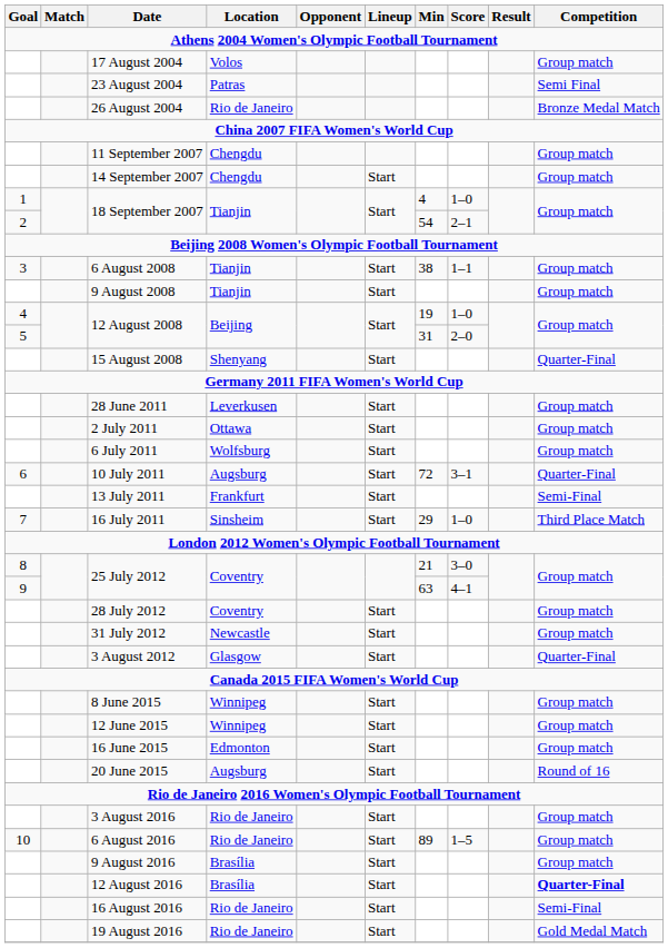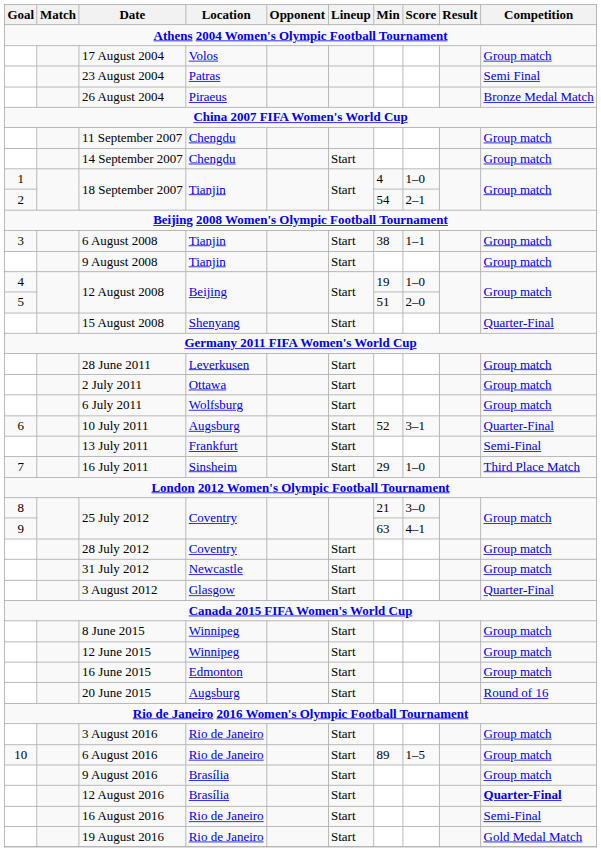 <table class="wikitable collapsible" style="fontsize:90%;">
 <tr>
 <th>Goal</th>
 <th>Match</th>
 <th>Date</th>
 <th>Location</th>
 <th>Opponent</th>
 <th>Lineup</th>
 <th>Min</th>
 <th>Score</th>
 <th>Result</th>
 <th>Competition</th>
 </tr>
 <tr>
 <td colspan=10 align=center > <strong><a href='#'>Athens</a> <a href='#'>2004 Women's Olympic Football Tournament</a></strong></td>
 </tr>
 <tr>
 <td style="background:white;"></td>
 <td></td>
 <td>17 August 2004</td>
 <td><a href='#'>Volos</a></td>
 <td></td>
 <td></td>
 <td style="background:white;"></td>
 <td style="background:white;"></td>
 <td></td>
 <td><a href='#'>Group match</a></td>
 </tr>
 <tr>
 <td style="background:white;"></td>
 <td></td>
 <td>23 August 2004</td>
 <td><a href='#'>Patras</a></td>
 <td></td>
 <td></td>
 <td style="background:white;"></td>
 <td style="background:white;"></td>
 <td></td>
 <td><a href='#'>Semi Final</a></td>
 </tr>
 <tr>
 <td style="background:white;"></td>
 <td></td>
 <td>26 August 2004</td>
-<td><a href='#'>Rio de Janeiro</a></td>
+<td><a href='#'>Piraeus</a></td>
 <td></td>
 <td></td>
 <td style="background:white;"></td>
 <td style="background:white;"></td>
 <td></td>
 <td><a href='#'>Bronze Medal Match</a></td>
 </tr>
 <tr>
 <td colspan=10 align=center > <strong><a href='#'>China 2007 FIFA Women's World Cup</a></strong></td>
 </tr>
 <tr>
 <td style="background:white;"></td>
 <td></td>
 <td>11 September 2007</td>
 <td><a href='#'>Chengdu</a></td>
 <td></td>
 <td></td>
 <td style="background:white;"></td>
 <td style="background:white;"></td>
 <td></td>
 <td><a href='#'>Group match</a></td>
 </tr>
 <tr>
 <td style="background:white;"></td>
 <td></td>
 <td>14 September 2007</td>
 <td><a href='#'>Chengdu</a></td>
 <td></td>
 <td>Start</td>
 <td style="background:white;"></td>
 <td style="background:white;"></td>
 <td></td>
 <td><a href='#'>Group match</a></td>
 </tr>
 <tr>
 <td align=center>1</td>
 <td align=center rowspan=2></td>
 <td rowspan=2>18 September 2007</td>
 <td rowspan=2><a href='#'>Tianjin</a></td>
 <td rowspan=2></td>
 <td rowspan=2>Start</td>
 <td>4</td>
 <td>1–0</td>
 <td rowspan=2></td>
 <td rowspan=2 ><a href='#'>Group match</a></td>
 </tr>
 <tr>
 <td align=center>2</td>
 <td>54</td>
 <td>2–1</td>
 </tr>
 <tr>
 <td colspan=10 align=center > <strong><a href='#'>Beijing</a> <a href='#'>2008 Women's Olympic Football Tournament</a></strong></td>
 </tr>
 <tr>
 <td align=center>3</td>
 <td></td>
 <td>6 August 2008</td>
 <td><a href='#'>Tianjin</a></td>
 <td></td>
 <td>Start</td>
 <td>38</td>
 <td>1–1</td>
 <td></td>
 <td><a href='#'>Group match</a></td>
 </tr>
 <tr>
 <td style="background:white;"></td>
 <td></td>
 <td>9 August 2008</td>
 <td><a href='#'>Tianjin</a></td>
 <td></td>
 <td>Start</td>
 <td style="background:white;"></td>
 <td style="background:white;"></td>
 <td></td>
 <td><a href='#'>Group match</a></td>
 </tr>
 <tr>
 <td align=center>4</td>
 <td align=center rowspan=2></td>
 <td rowspan=2>12 August 2008</td>
 <td rowspan=2><a href='#'>Beijing</a></td>
 <td rowspan=2></td>
 <td rowspan=2>Start</td>
 <td>19</td>
 <td>1–0</td>
 <td rowspan=2></td>
 <td rowspan=2 ><a href='#'>Group match</a></td>
 </tr>
 <tr>
 <td align=center>5</td>
-<td>31</td>
+<td>51</td>
 <td>2–0</td>
 </tr>
 <tr>
 <td style="background:white;"></td>
 <td></td>
 <td>15 August 2008</td>
 <td><a href='#'>Shenyang</a></td>
 <td></td>
 <td>Start</td>
 <td style="background:white;"></td>
 <td style="background:white;"></td>
 <td></td>
 <td><a href='#'>Quarter-Final</a></td>
 </tr>
 <tr>
 <td colspan=10 align=center > <strong><a href='#'>Germany 2011 FIFA Women's World Cup</a></strong></td>
 </tr>
 <tr>
 <td style="background:white;"></td>
 <td></td>
 <td>28 June 2011</td>
 <td><a href='#'>Leverkusen</a></td>
 <td></td>
 <td>Start</td>
 <td style="background:white;"></td>
 <td style="background:white;"></td>
 <td></td>
 <td><a href='#'>Group match</a></td>
 </tr>
 <tr>
 <td style="background:white;"></td>
 <td></td>
 <td>2 July 2011</td>
 <td><a href='#'>Ottawa</a></td>
 <td></td>
 <td>Start</td>
 <td style="background:white;"></td>
 <td style="background:white;"></td>
 <td></td>
 <td><a href='#'>Group match</a></td>
 </tr>
 <tr>
 <td style="background:white;"></td>
 <td></td>
 <td>6 July 2011</td>
 <td><a href='#'>Wolfsburg</a></td>
 <td></td>
 <td>Start</td>
 <td style="background:white;"></td>
 <td style="background:white;"></td>
 <td></td>
 <td><a href='#'>Group match</a></td>
 </tr>
 <tr>
 <td align=center>6</td>
 <td></td>
 <td>10 July 2011</td>
 <td><a href='#'>Augsburg</a></td>
 <td></td>
 <td>Start</td>
-<td>72</td>
+<td>52</td>
 <td>3–1</td>
 <td></td>
 <td><a href='#'>Quarter-Final</a></td>
 </tr>
 <tr>
 <td style="background:white;"></td>
 <td></td>
 <td>13 July 2011</td>
 <td><a href='#'>Frankfurt</a></td>
 <td></td>
 <td>Start</td>
 <td style="background:white;"></td>
 <td style="background:white;"></td>
 <td></td>
 <td><a href='#'>Semi-Final</a></td>
 </tr>
 <tr>
 <td align=center>7</td>
 <td></td>
 <td>16 July 2011</td>
 <td><a href='#'>Sinsheim</a></td>
 <td></td>
 <td>Start</td>
 <td>29</td>
 <td>1–0</td>
 <td></td>
 <td><a href='#'>Third Place Match</a></td>
 </tr>
 <tr>
 <td colspan=10 align=center > <strong><a href='#'>London</a> <a href='#'>2012 Women's Olympic Football Tournament</a></strong></td>
 </tr>
 <tr>
 <td align=center>8</td>
 <td align=center rowspan=2></td>
 <td rowspan=2>25 July 2012</td>
 <td rowspan=2><a href='#'>Coventry</a></td>
 <td rowspan=2></td>
 <td rowspan=2></td>
 <td>21</td>
 <td>3–0</td>
 <td rowspan=2></td>
 <td rowspan=2 ><a href='#'>Group match</a></td>
 </tr>
 <tr>
 <td align=center>9</td>
 <td>63</td>
 <td>4–1</td>
 </tr>
 <tr>
 <td style="background:white;"></td>
 <td></td>
 <td>28 July 2012</td>
 <td><a href='#'>Coventry</a></td>
 <td></td>
 <td>Start</td>
 <td style="background:white;"></td>
 <td style="background:white;"></td>
 <td></td>
 <td><a href='#'>Group match</a></td>
 </tr>
 <tr>
 <td style="background:white;"></td>
 <td></td>
 <td>31 July 2012</td>
 <td><a href='#'>Newcastle</a></td>
 <td></td>
 <td>Start</td>
 <td style="background:white;"></td>
 <td style="background:white;"></td>
 <td></td>
 <td><a href='#'>Group match</a></td>
 </tr>
 <tr>
 <td style="background:white;"></td>
 <td></td>
 <td>3 August 2012</td>
 <td><a href='#'>Glasgow</a></td>
 <td></td>
 <td>Start</td>
 <td style="background:white;"></td>
 <td style="background:white;"></td>
 <td></td>
 <td><a href='#'>Quarter-Final</a></td>
 </tr>
 <tr>
 <td colspan=10 align=center > <strong><a href='#'>Canada 2015 FIFA Women's World Cup</a></strong></td>
 </tr>
 <tr>
 <td style="background:white;"></td>
 <td></td>
 <td>8 June 2015</td>
 <td><a href='#'>Winnipeg</a></td>
 <td></td>
 <td>Start</td>
 <td style="background:white;"></td>
 <td style="background:white;"></td>
 <td></td>
 <td><a href='#'>Group match</a></td>
 </tr>
 <tr>
 <td style="background:white;"></td>
 <td></td>
 <td>12 June 2015</td>
 <td><a href='#'>Winnipeg</a></td>
 <td></td>
 <td>Start</td>
 <td style="background:white;"></td>
 <td style="background:white;"></td>
 <td></td>
 <td><a href='#'>Group match</a></td>
 </tr>
 <tr>
 <td style="background:white;"></td>
 <td></td>
 <td>16 June 2015</td>
 <td><a href='#'>Edmonton</a></td>
 <td></td>
 <td>Start</td>
 <td style="background:white;"></td>
 <td style="background:white;"></td>
 <td></td>
 <td><a href='#'>Group match</a></td>
 </tr>
 <tr>
 <td style="background:white;"></td>
 <td></td>
 <td>20 June 2015</td>
 <td><a href='#'>Augsburg</a></td>
 <td></td>
 <td>Start</td>
 <td style="background:white;"></td>
 <td style="background:white;"></td>
 <td></td>
 <td><a href='#'>Round of 16</a></td>
 </tr>
 <tr>
 <td colspan=10 align=center > <strong><a href='#'>Rio de Janeiro</a> <a href='#'>2016 Women's Olympic Football Tournament</a></strong></td>
 </tr>
 <tr>
 <td style="background:white;"></td>
 <td></td>
 <td>3 August 2016</td>
 <td><a href='#'>Rio de Janeiro</a></td>
 <td></td>
 <td>Start</td>
 <td style="background:white;"></td>
 <td style="background:white;"></td>
 <td></td>
 <td><a href='#'>Group match</a></td>
 </tr>
 <tr>
 <td align=center>10</td>
 <td></td>
 <td>6 August 2016</td>
 <td><a href='#'>Rio de Janeiro</a></td>
 <td></td>
 <td>Start</td>
 <td>89</td>
 <td>1–5</td>
 <td></td>
 <td><a href='#'>Group match</a></td>
 </tr>
 <tr>
 <td style="background:white;"></td>
 <td></td>
 <td>9 August 2016</td>
 <td><a href='#'>Brasília</a></td>
 <td></td>
 <td>Start</td>
 <td style="background:white;"></td>
 <td style="background:white;"></td>
 <td></td>
 <td><a href='#'>Group match</a></td>
 </tr>
 <tr>
 <td style="background:white;"></td>
 <td></td>
 <td>12 August 2016</td>
 <td><a href='#'>Brasília</a></td>
 <td></td>
 <td>Start</td>
 <td style="background:white;"></td>
 <td style="background:white;"></td>
 <td></td>
 <td><strong><a href='#'>Quarter-Final</a></strong></td>
 </tr>
 <tr>
 <td style="background:white;"></td>
 <td></td>
 <td>16 August 2016</td>
 <td><a href='#'>Rio de Janeiro</a></td>
 <td></td>
 <td>Start</td>
 <td style="background:white;"></td>
 <td style="background:white;"></td>
 <td></td>
 <td><a href='#'>Semi-Final</a></td>
 </tr>
 <tr>
 <td style="background:white;"></td>
 <td></td>
 <td>19 August 2016</td>
 <td><a href='#'>Rio de Janeiro</a></td>
 <td></td>
 <td>Start</td>
 <td style="background:white;"></td>
 <td style="background:white;"></td>
 <td></td>
 <td><a href='#'>Gold Medal Match</a></td>
 </tr>
 <tr>
 </tr>
 </table>
